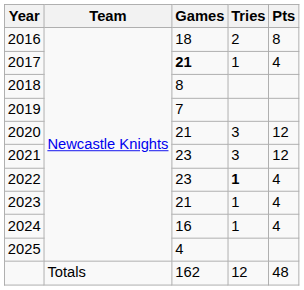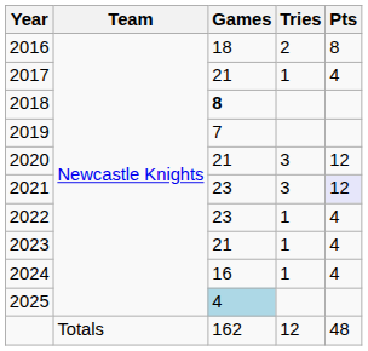 <table class="wikitable">
 <tr>
 <th>Year</th>
 <th>Team</th>
 <th>Games</th>
 <th>Tries</th>
 <th>Pts</th>
 </tr>
 <tr>
 <td>2016</td>
 <td rowspan="10"> <a href='#'>Newcastle Knights</a></td>
 <td>18</td>
 <td>2</td>
 <td>8</td>
 </tr>
 <tr>
 <td>2017</td>
-<td><strong>21</strong></td>
+<td>21</td>
 <td>1</td>
 <td>4</td>
 </tr>
 <tr>
 <td>2018</td>
-<td>8</td>
+<td><strong>8</strong></td>
 <td></td>
 <td></td>
 </tr>
 <tr>
 <td>2019</td>
 <td>7</td>
 <td></td>
 <td></td>
 </tr>
 <tr>
 <td>2020</td>
 <td>21</td>
 <td>3</td>
 <td>12</td>
 </tr>
 <tr>
 <td>2021</td>
 <td>23</td>
 <td>3</td>
-<td>12</td>
+<td style="background: lavender;">12</td>
 </tr>
 <tr>
 <td>2022</td>
 <td>23</td>
-<td><strong>1</strong></td>
+<td>1</td>
 <td>4</td>
 </tr>
 <tr>
 <td>2023</td>
 <td>21</td>
 <td>1</td>
 <td>4</td>
 </tr>
 <tr>
 <td>2024</td>
 <td>16</td>
 <td>1</td>
 <td>4</td>
 </tr>
 <tr>
 <td>2025</td>
-<td>4</td>
+<td style="background: lightblue;">4</td>
 <td></td>
 <td></td>
 </tr>
 <tr>
 <td></td>
 <td>Totals</td>
 <td>162</td>
 <td>12</td>
 <td>48</td>
 </tr>
 </table>
